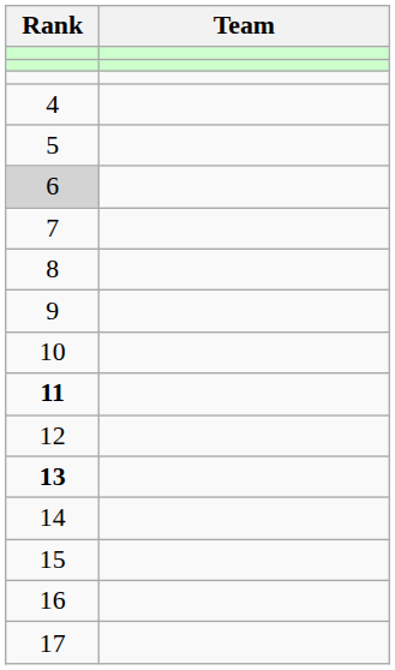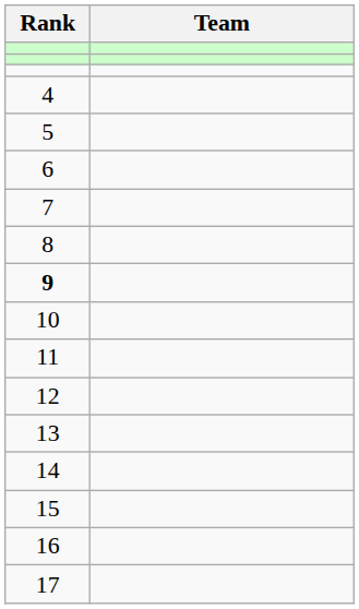 <table class="wikitable" style="text-align: center">
 <tr>
 <th width=50>Rank</th>
 <th width=170>Team</th>
 </tr>
 <tr bgcolor=#ccffcc>
 <td></td>
 <td align=left></td>
 </tr>
 <tr bgcolor=#ccffcc>
 <td></td>
 <td align=left></td>
 </tr>
 <tr>
 <td></td>
 <td align=left></td>
 </tr>
 <tr>
 <td>4</td>
 <td align=left></td>
 </tr>
 <tr>
 <td>5</td>
 <td align=left></td>
 </tr>
 <tr>
-<td style="background: lightgrey;">6</td>
+<td>6</td>
 <td align=left></td>
 </tr>
 <tr>
 <td>7</td>
 <td align=left></td>
 </tr>
 <tr>
 <td>8</td>
 <td align=left></td>
 </tr>
 <tr>
-<td>9</td>
+<td><strong>9</strong></td>
 <td align=left></td>
 </tr>
 <tr>
 <td>10</td>
 <td align=left></td>
 </tr>
 <tr>
-<td><strong>11</strong></td>
+<td>11</td>
 <td align=left></td>
 </tr>
 <tr>
 <td>12</td>
 <td align=left></td>
 </tr>
 <tr>
-<td><strong>13</strong></td>
+<td>13</td>
 <td align=left></td>
 </tr>
 <tr>
 <td>14</td>
 <td align=left></td>
 </tr>
 <tr>
 <td>15</td>
 <td align=left></td>
 </tr>
 <tr>
 <td>16</td>
 <td align=left></td>
 </tr>
 <tr>
 <td>17</td>
 <td align=left></td>
 </tr>
 </table>
